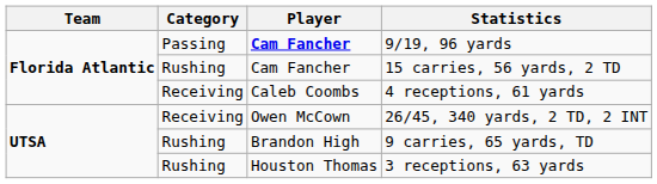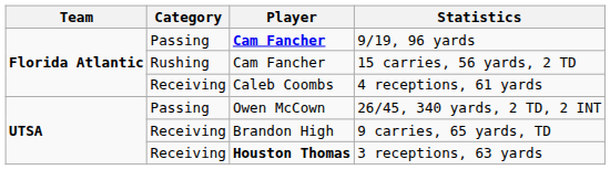 <table class="wikitable" style="float: right;">
 <tr>
 <th>Team</th>
 <th>Category</th>
 <th>Player</th>
 <th>Statistics</th>
 </tr>
 <tr>
 <td rowspan=3><strong>Florida Atlantic</strong></td>
 <td>Passing</td>
 <td><strong><a href='#'>Cam Fancher</a></strong></td>
 <td>9/19, 96 yards</td>
 </tr>
 <tr>
 <td>Rushing</td>
 <td>Cam Fancher</td>
 <td>15 carries, 56 yards, 2 TD</td>
 </tr>
 <tr>
 <td>Receiving</td>
 <td>Caleb Coombs</td>
 <td>4 receptions, 61 yards</td>
 </tr>
 <tr>
 <td rowspan=3><strong>UTSA</strong></td>
-<td>Receiving</td>
+<td>Passing</td>
 <td>Owen McCown</td>
 <td>26/45, 340 yards, 2 TD, 2 INT</td>
 </tr>
 <tr>
-<td>Rushing</td>
+<td>Receiving</td>
 <td>Brandon High</td>
 <td>9 carries, 65 yards, TD</td>
 </tr>
 <tr>
-<td>Rushing</td>
-<td>Houston Thomas</td>
+<td>Receiving</td>
+<td><strong>Houston Thomas</strong></td>
 <td>3 receptions, 63 yards</td>
 </tr>
 </table>
